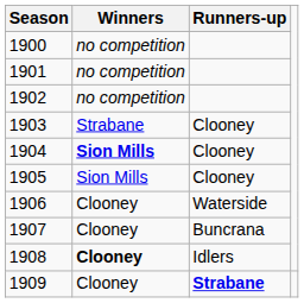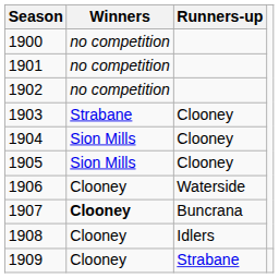 <table class="wikitable">
 <tr>
 <th>Season</th>
 <th>Winners</th>
 <th>Runners-up</th>
 </tr>
 <tr>
 <td>1900</td>
 <td><em>no competition</em></td>
 <td></td>
 </tr>
 <tr>
 <td>1901</td>
 <td><em>no competition</em></td>
 <td></td>
 </tr>
 <tr>
 <td>1902</td>
 <td><em>no competition</em></td>
 <td></td>
 </tr>
 <tr>
 <td>1903</td>
 <td><a href='#'>Strabane</a></td>
 <td>Clooney</td>
 </tr>
 <tr>
 <td>1904</td>
-<td><strong><a href='#'>Sion Mills</a></strong></td>
+<td><a href='#'>Sion Mills</a></td>
 <td>Clooney</td>
 </tr>
 <tr>
 <td>1905</td>
 <td><a href='#'>Sion Mills</a></td>
 <td>Clooney</td>
 </tr>
 <tr>
 <td>1906</td>
 <td>Clooney</td>
 <td>Waterside</td>
 </tr>
 <tr>
 <td>1907</td>
-<td>Clooney</td>
+<td><strong>Clooney</strong></td>
 <td>Buncrana</td>
 </tr>
 <tr>
 <td>1908</td>
-<td><strong>Clooney</strong></td>
+<td>Clooney</td>
 <td>Idlers</td>
 </tr>
 <tr>
 <td>1909</td>
 <td>Clooney</td>
-<td><strong><a href='#'>Strabane</a></strong></td>
+<td><a href='#'>Strabane</a></td>
 <td></td>
 </tr>
 </table>
